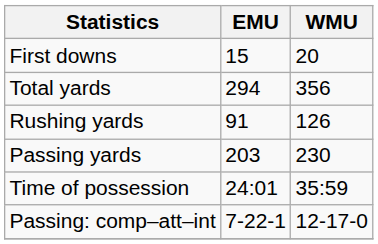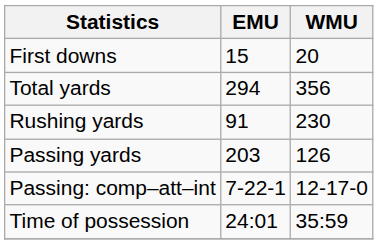 <table class="wikitable" style="float: left;">
 <tr>
 <th>Statistics</th>
 <th>EMU</th>
 <th>WMU</th>
 </tr>
 <tr>
 <td>First downs</td>
 <td>15</td>
 <td>20</td>
 </tr>
 <tr>
 <td>Total yards</td>
 <td>294</td>
 <td>356</td>
 </tr>
 <tr>
 <td>Rushing yards</td>
 <td>91</td>
-<td>126</td>
+<td>230</td>
 </tr>
 <tr>
 <td>Passing yards</td>
 <td>203</td>
-<td>230</td>
+<td>126</td>
+</tr>
+<tr>
+<td>Passing: comp–att–int</td>
+<td>7-22-1</td>
+<td>12-17-0</td>
 </tr>
 <tr>
 <td>Time of possession</td>
 <td>24:01</td>
 <td>35:59</td>
 </tr>
 <tr>
-<td>Passing: comp–att–int</td>
-<td>7-22-1</td>
-<td>12-17-0</td>
-</tr>
-<tr>
 </tr>
 </table>
